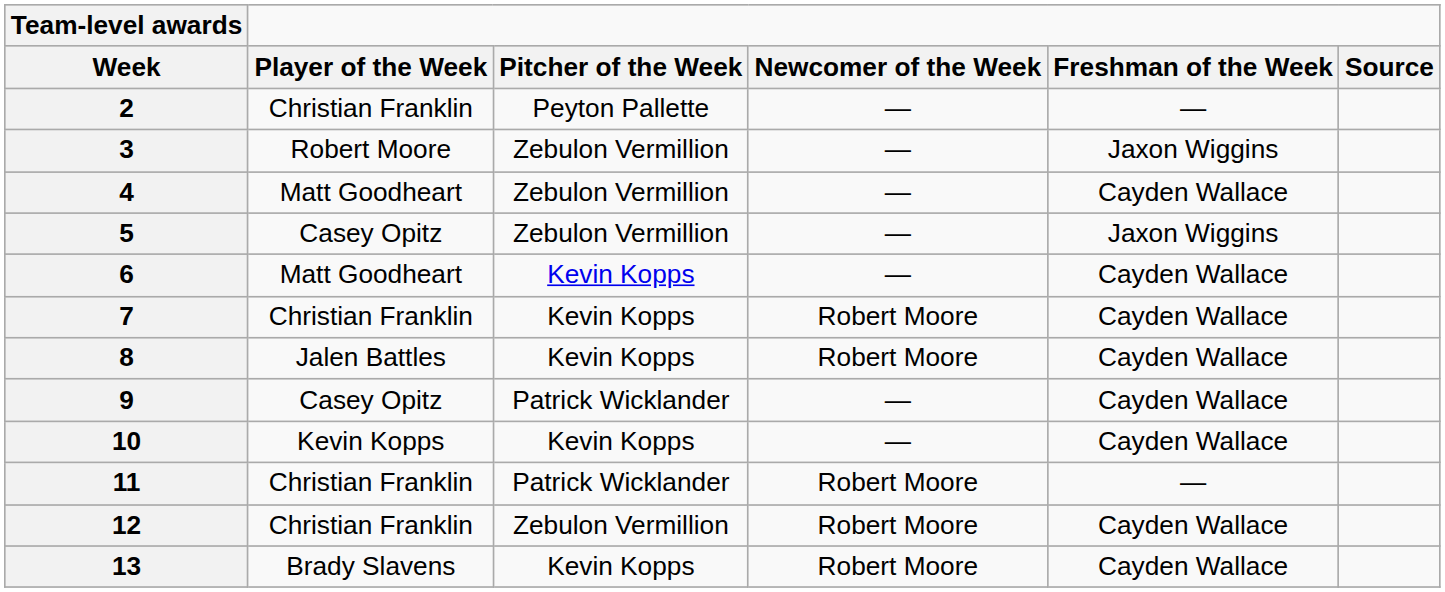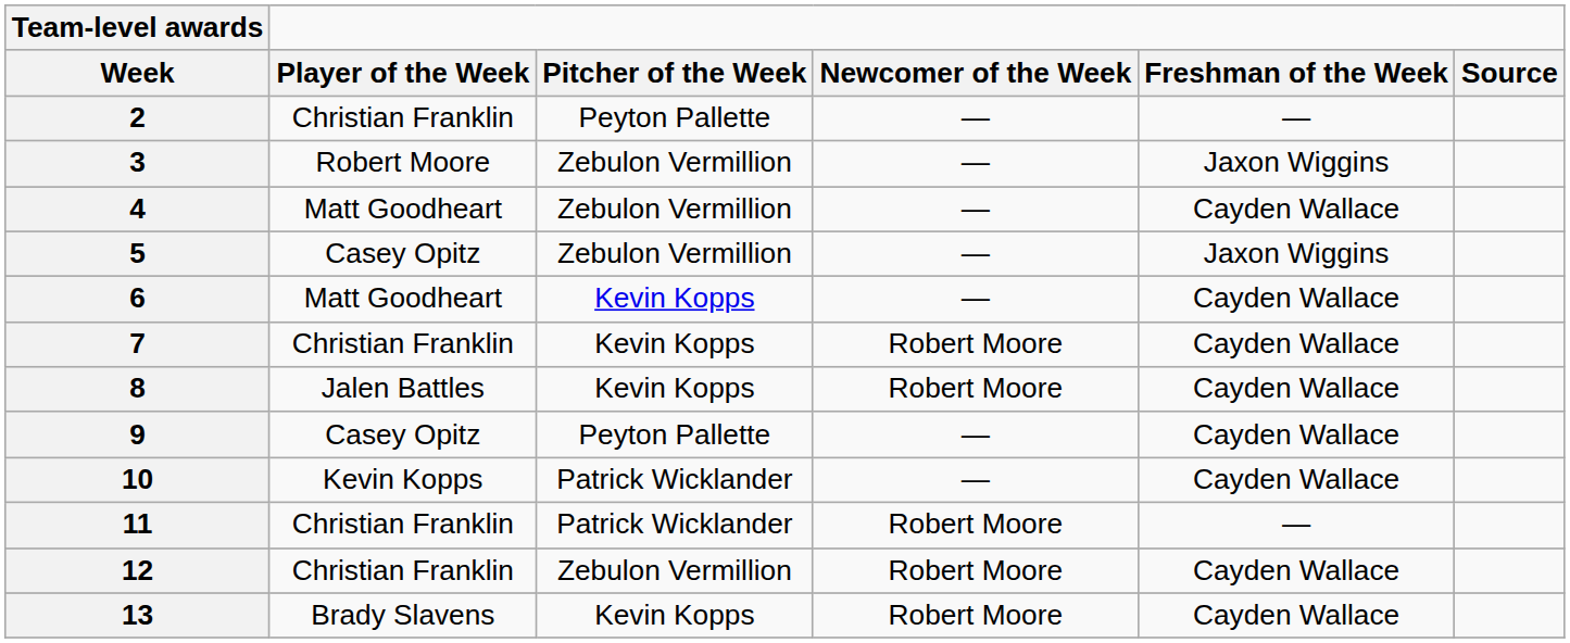 <table class="wikitable" style="text-align:center">
 <tr>
 <th>Team-level awards</th>
 </tr>
 <tr>
 <th>Week</th>
 <th>Player of the Week</th>
 <th>Pitcher of the Week</th>
 <th>Newcomer of the Week</th>
 <th>Freshman of the Week</th>
 <th>Source</th>
 </tr>
 <tr>
 <th>2</th>
 <td>Christian Franklin</td>
 <td>Peyton Pallette</td>
 <td>—</td>
 <td>—</td>
 <td></td>
 </tr>
 <tr>
 <th>3</th>
 <td>Robert Moore</td>
 <td>Zebulon Vermillion </td>
 <td>—</td>
 <td>Jaxon Wiggins</td>
 <td></td>
 </tr>
 <tr>
 <th>4</th>
 <td>Matt Goodheart </td>
 <td>Zebulon Vermillion</td>
 <td>—</td>
 <td>Cayden Wallace</td>
 <td></td>
 </tr>
 <tr>
 <th>5</th>
 <td>Casey Opitz </td>
 <td>Zebulon Vermillion </td>
 <td>—</td>
 <td>Jaxon Wiggins </td>
 <td></td>
 </tr>
 <tr>
 <th>6</th>
 <td>Matt Goodheart</td>
 <td><a href='#'>Kevin Kopps</a></td>
 <td>—</td>
 <td>Cayden Wallace </td>
 <td></td>
 </tr>
 <tr>
 <th>7</th>
 <td>Christian Franklin </td>
 <td>Kevin Kopps </td>
 <td>Robert Moore</td>
 <td>Cayden Wallace </td>
 <td></td>
 </tr>
 <tr>
 <th>8</th>
 <td>Jalen Battles</td>
 <td>Kevin Kopps </td>
 <td>Robert Moore </td>
 <td>Cayden Wallace </td>
 <td></td>
 </tr>
 <tr>
 <th>9</th>
 <td>Casey Opitz</td>
-<td>Patrick Wicklander</td>
+<td>Peyton Pallette </td>
 <td>—</td>
 <td>Cayden Wallace </td>
 <td></td>
 </tr>
 <tr>
 <th>10</th>
 <td>Kevin Kopps</td>
-<td>Kevin Kopps </td>
+<td>Patrick Wicklander</td>
 <td>—</td>
 <td>Cayden Wallace </td>
 <td></td>
 </tr>
 <tr>
 <th>11</th>
 <td>Christian Franklin </td>
 <td>Patrick Wicklander </td>
 <td>Robert Moore </td>
 <td>—</td>
 <td></td>
 </tr>
 <tr>
 <th>12</th>
 <td>Christian Franklin </td>
 <td>Zebulon Vermillion </td>
 <td>Robert Moore </td>
 <td>Cayden Wallace </td>
 <td></td>
 </tr>
 <tr>
 <th>13</th>
 <td>Brady Slavens</td>
 <td>Kevin Kopps </td>
 <td>Robert Moore </td>
 <td>Cayden Wallace </td>
 <td></td>
 </tr>
 </table>
